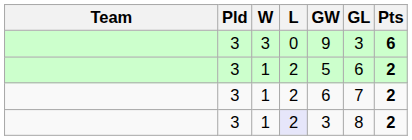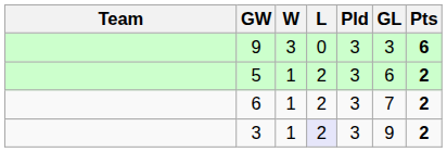 <table class="wikitable" style="text-align:center">
 <tr>
 <th width=200>Team</th>
-<th width=20>Pld</th>
+<th width=20>GW</th>
 <th width=20>W</th>
 <th width=20>L</th>
-<th width=20>GW</th>
+<th width=20>Pld</th>
 <th width=20>GL</th>
 <th width=20>Pts</th>
 </tr>
 <tr bgcolor=#ccffcc>
 <td style="text-align:left;"></td>
-<td>3</td>
+<td>9</td>
 <td>3</td>
 <td>0</td>
-<td>9</td>
+<td>3</td>
 <td>3</td>
 <td><strong>6</strong></td>
 </tr>
 <tr bgcolor=#ccffcc>
 <td style="text-align:left;"></td>
-<td>3</td>
+<td>5</td>
 <td>1</td>
 <td>2</td>
-<td>5</td>
+<td>3</td>
 <td>6</td>
 <td><strong>2</strong></td>
 </tr>
 <tr>
 <td style="text-align:left;"></td>
-<td>3</td>
+<td>6</td>
 <td>1</td>
 <td>2</td>
-<td>6</td>
+<td>3</td>
 <td>7</td>
 <td><strong>2</strong></td>
 </tr>
 <tr>
 <td style="text-align:left;"></td>
 <td>3</td>
 <td>1</td>
 <td style="background: lavender;">2</td>
 <td>3</td>
-<td>8</td>
+<td>9</td>
 <td><strong>2</strong></td>
 </tr>
 </table>
